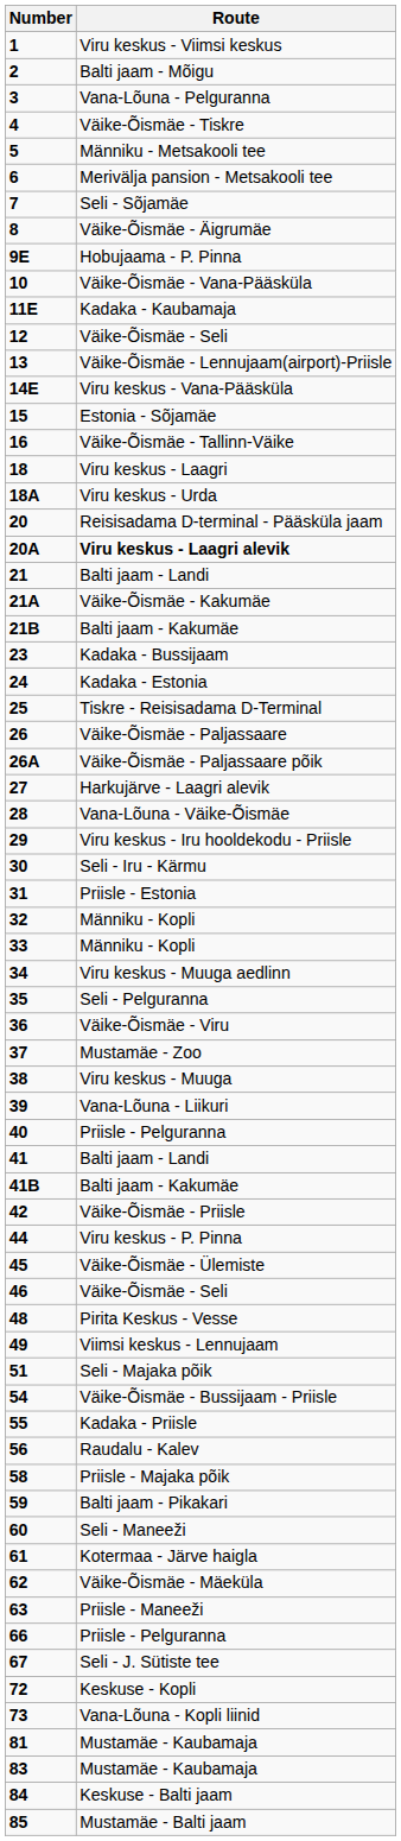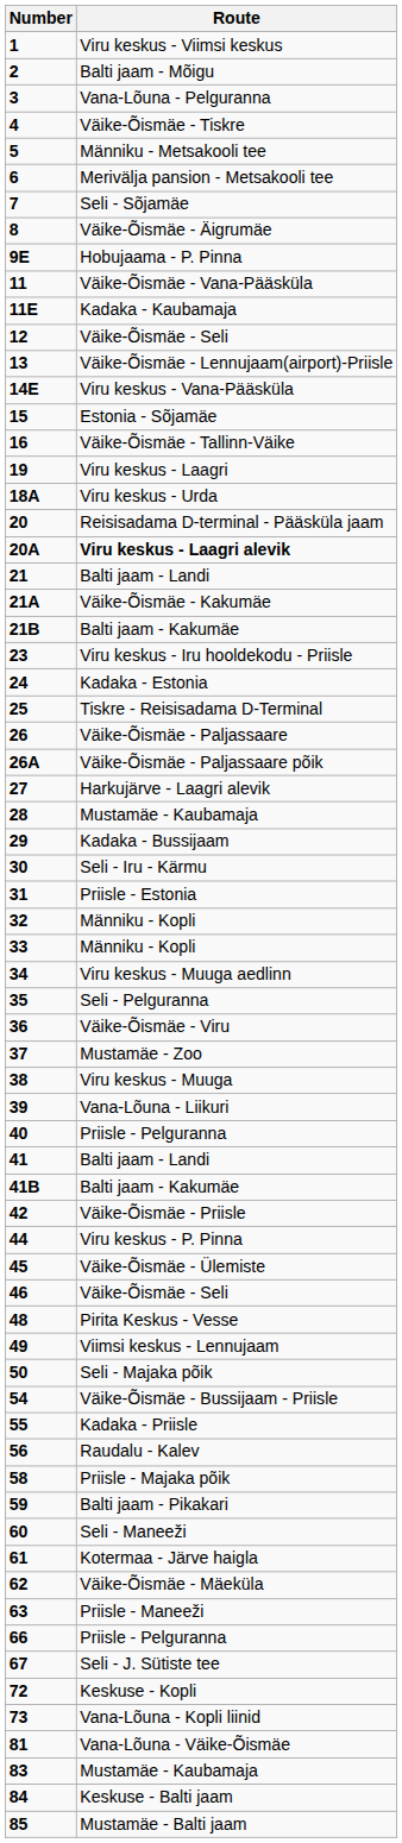 <table class="wikitable">
 <tr>
 <th>Number</th>
 <th>Route</th>
 </tr>
 <tr>
 <td><strong>1</strong></td>
 <td>Viru keskus - Viimsi keskus</td>
 </tr>
 <tr>
 <td><strong>2</strong></td>
 <td>Balti jaam - Mõigu</td>
 </tr>
 <tr>
 <td><strong>3</strong></td>
 <td>Vana-Lõuna - Pelguranna</td>
 </tr>
 <tr>
 <td><strong>4</strong></td>
 <td>Väike-Õismäe - Tiskre</td>
 </tr>
 <tr>
 <td><strong>5</strong></td>
 <td>Männiku - Metsakooli tee</td>
 </tr>
 <tr>
 <td><strong>6</strong></td>
 <td>Merivälja pansion - Metsakooli tee</td>
 </tr>
 <tr>
 <td><strong>7</strong></td>
 <td>Seli - Sõjamäe</td>
 </tr>
 <tr>
 <td><strong>8</strong></td>
 <td>Väike-Õismäe - Äigrumäe</td>
 </tr>
 <tr>
 <td><strong>9E</strong></td>
 <td>Hobujaama - P. Pinna</td>
 </tr>
 <tr>
-<td><strong>10</strong></td>
+<td><strong>11</strong></td>
 <td>Väike-Õismäe - Vana-Pääsküla</td>
 </tr>
 <tr>
 <td><strong>11E</strong></td>
 <td>Kadaka - Kaubamaja</td>
 </tr>
 <tr>
 <td><strong>12</strong></td>
 <td>Väike-Õismäe - Seli</td>
 </tr>
 <tr>
 <td><strong>13</strong></td>
 <td>Väike-Õismäe - Lennujaam(airport)-Priisle</td>
 </tr>
 <tr>
 <td><strong>14E</strong></td>
 <td>Viru keskus - Vana-Pääsküla</td>
 </tr>
 <tr>
 <td><strong>15</strong></td>
 <td>Estonia - Sõjamäe</td>
 </tr>
 <tr>
 <td><strong>16</strong></td>
 <td>Väike-Õismäe - Tallinn-Väike</td>
 </tr>
 <tr>
-<td><strong>18</strong></td>
+<td><strong>19</strong></td>
 <td>Viru keskus - Laagri</td>
 </tr>
 <tr>
 <td><strong>18A</strong></td>
 <td>Viru keskus - Urda</td>
 </tr>
 <tr>
 <td><strong>20</strong></td>
 <td>Reisisadama D-terminal - Pääsküla jaam</td>
 </tr>
 <tr>
 <td><strong>20A</strong></td>
 <td><strong>Viru keskus - Laagri alevik</strong></td>
 </tr>
 <tr>
 <td><strong>21</strong></td>
 <td>Balti jaam - Landi</td>
 </tr>
 <tr>
 <td><strong>21A</strong></td>
 <td>Väike-Õismäe - Kakumäe</td>
 </tr>
 <tr>
 <td><strong>21B</strong></td>
 <td>Balti jaam - Kakumäe</td>
 </tr>
 <tr>
 <td><strong>23</strong></td>
-<td>Kadaka - Bussijaam</td>
+<td>Viru keskus - Iru hooldekodu - Priisle</td>
 </tr>
 <tr>
 <td><strong>24</strong></td>
 <td>Kadaka - Estonia</td>
 </tr>
 <tr>
 <td><strong>25</strong></td>
 <td>Tiskre - Reisisadama D-Terminal</td>
 </tr>
 <tr>
 <td><strong>26</strong></td>
 <td>Väike-Õismäe - Paljassaare</td>
 </tr>
 <tr>
 <td><strong>26A</strong></td>
 <td>Väike-Õismäe - Paljassaare põik</td>
 </tr>
 <tr>
 <td><strong>27</strong></td>
 <td>Harkujärve - Laagri alevik</td>
 </tr>
 <tr>
 <td><strong>28</strong></td>
-<td>Vana-Lõuna - Väike-Õismäe</td>
+<td>Mustamäe - Kaubamaja</td>
 </tr>
 <tr>
 <td><strong>29</strong></td>
-<td>Viru keskus - Iru hooldekodu - Priisle</td>
+<td>Kadaka - Bussijaam</td>
 </tr>
 <tr>
 <td><strong>30</strong></td>
 <td>Seli - Iru - Kärmu</td>
 </tr>
 <tr>
 <td><strong>31</strong></td>
 <td>Priisle - Estonia</td>
 </tr>
 <tr>
 <td><strong>32</strong></td>
 <td>Männiku - Kopli</td>
 </tr>
 <tr>
 <td><strong>33</strong></td>
 <td>Männiku - Kopli</td>
 </tr>
 <tr>
 <td><strong>34</strong></td>
 <td>Viru keskus - Muuga aedlinn</td>
 </tr>
 <tr>
 <td><strong>35</strong></td>
 <td>Seli - Pelguranna</td>
 </tr>
 <tr>
 <td><strong>36</strong></td>
 <td>Väike-Õismäe - Viru</td>
 </tr>
 <tr>
 <td><strong>37</strong></td>
 <td>Mustamäe - Zoo</td>
 </tr>
 <tr>
 <td><strong>38</strong></td>
 <td>Viru keskus - Muuga</td>
 </tr>
 <tr>
 <td><strong>39</strong></td>
 <td>Vana-Lõuna - Liikuri</td>
 </tr>
 <tr>
 <td><strong>40</strong></td>
 <td>Priisle - Pelguranna</td>
 </tr>
 <tr>
 <td><strong>41</strong></td>
 <td>Balti jaam - Landi</td>
 </tr>
 <tr>
 <td><strong>41B</strong></td>
 <td>Balti jaam - Kakumäe</td>
 </tr>
 <tr>
 <td><strong>42</strong></td>
 <td>Väike-Õismäe - Priisle</td>
 </tr>
 <tr>
 <td><strong>44</strong></td>
 <td>Viru keskus - P. Pinna</td>
 </tr>
 <tr>
 <td><strong>45</strong></td>
 <td>Väike-Õismäe - Ülemiste</td>
 </tr>
 <tr>
 <td><strong>46</strong></td>
 <td>Väike-Õismäe - Seli</td>
 </tr>
 <tr>
 <td><strong>48</strong></td>
 <td>Pirita Keskus - Vesse</td>
 </tr>
 <tr>
 <td><strong>49</strong></td>
 <td>Viimsi keskus - Lennujaam</td>
 </tr>
 <tr>
-<td><strong>51</strong></td>
+<td><strong>50</strong></td>
 <td>Seli - Majaka põik</td>
 </tr>
 <tr>
 <td><strong>54</strong></td>
 <td>Väike-Õismäe - Bussijaam - Priisle</td>
 </tr>
 <tr>
 <td><strong>55</strong></td>
 <td>Kadaka - Priisle</td>
 </tr>
 <tr>
 <td><strong>56</strong></td>
 <td>Raudalu - Kalev</td>
 </tr>
 <tr>
 <td><strong>58</strong></td>
 <td>Priisle - Majaka põik</td>
 </tr>
 <tr>
 <td><strong>59</strong></td>
 <td>Balti jaam - Pikakari</td>
 </tr>
 <tr>
 <td><strong>60</strong></td>
 <td>Seli - Maneeži</td>
 </tr>
 <tr>
 <td><strong>61</strong></td>
 <td>Kotermaa - Järve haigla</td>
 </tr>
 <tr>
 <td><strong>62</strong></td>
 <td>Väike-Õismäe - Mäeküla</td>
 </tr>
 <tr>
 <td><strong>63</strong></td>
 <td>Priisle - Maneeži</td>
 </tr>
 <tr>
 <td><strong>66</strong></td>
 <td>Priisle - Pelguranna</td>
 </tr>
 <tr>
 <td><strong>67</strong></td>
 <td>Seli - J. Sütiste tee</td>
 </tr>
 <tr>
 <td><strong>72</strong></td>
 <td>Keskuse - Kopli</td>
 </tr>
 <tr>
 <td><strong>73</strong></td>
 <td>Vana-Lõuna - Kopli liinid</td>
 </tr>
 <tr>
 <td><strong>81</strong></td>
-<td>Mustamäe - Kaubamaja</td>
+<td>Vana-Lõuna - Väike-Õismäe</td>
 </tr>
 <tr>
 <td><strong>83</strong></td>
 <td>Mustamäe - Kaubamaja</td>
 </tr>
 <tr>
 <td><strong>84</strong></td>
 <td>Keskuse - Balti jaam</td>
 </tr>
 <tr>
 <td><strong>85</strong></td>
 <td>Mustamäe - Balti jaam</td>
 </tr>
 </table>
